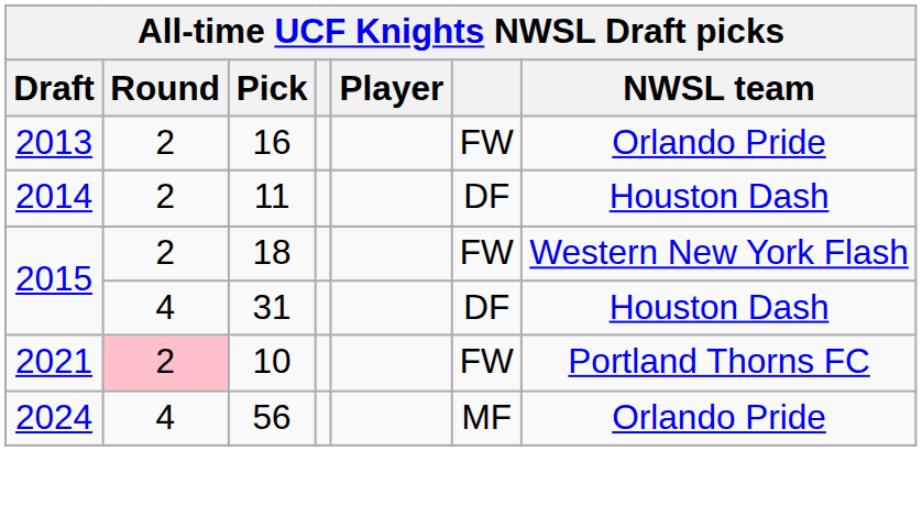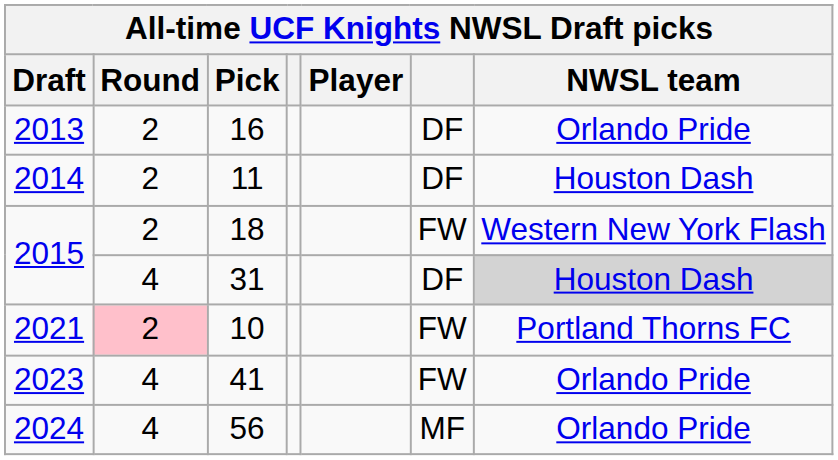 <table class="wikitable sortable" style="text-align: center;">
 <tr>
 <th colspan="7" style="background:#">All-time <a href='#'><span>UCF Knights</span></a> NWSL Draft picks</th>
 </tr>
 <tr>
 <th scope="col">Draft</th>
 <th scope="col">Round</th>
 <th scope="col">Pick</th>
 <th scope="col"></th>
 <th scope="col">Player</th>
 <th scope="col"></th>
 <th scope="col">NWSL team</th>
 </tr>
 <tr>
 <td><a href='#'>2013</a></td>
 <td>2</td>
 <td>16</td>
 <td></td>
 <td></td>
-<td>FW</td>
+<td>DF</td>
 <td><a href='#'>Orlando Pride</a></td>
 </tr>
 <tr>
 <td><a href='#'>2014</a></td>
 <td>2</td>
 <td>11</td>
 <td></td>
 <td></td>
 <td>DF</td>
 <td><a href='#'>Houston Dash</a></td>
 </tr>
 <tr>
 <td rowspan="2"><a href='#'>2015</a></td>
 <td>2</td>
 <td>18</td>
 <td></td>
 <td></td>
 <td>FW</td>
 <td><a href='#'>Western New York Flash</a></td>
 </tr>
 <tr>
 <td>4</td>
 <td>31</td>
 <td></td>
 <td></td>
 <td>DF</td>
-<td><a href='#'>Houston Dash</a></td>
+<td style="background: lightgrey;"><a href='#'>Houston Dash</a></td>
 </tr>
 <tr>
 <td><a href='#'>2021</a></td>
 <td style="background: pink;">2</td>
 <td>10</td>
 <td></td>
 <td></td>
 <td>FW</td>
 <td><a href='#'>Portland Thorns FC</a></td>
 </tr>
 <tr>
+<td><a href='#'>2023</a></td>
+<td>4</td>
+<td>41</td>
+<td></td>
+<td></td>
+<td>FW</td>
+<td><a href='#'>Orlando Pride</a></td>
+</tr>
+<tr>
 <td><a href='#'>2024</a></td>
 <td>4</td>
 <td>56</td>
 <td></td>
 <td></td>
 <td>MF</td>
 <td><a href='#'>Orlando Pride</a></td>
 </tr>
 </table>
